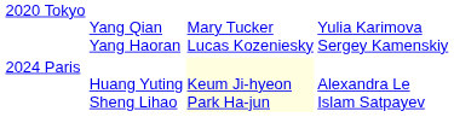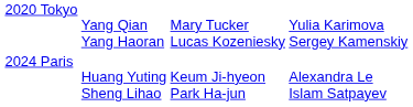 <table>
 <tr valign="top">
 <td><a href='#'>2020 Tokyo</a><br></td>
 <td><br><a href='#'>Yang Qian</a><br><a href='#'>Yang Haoran</a></td>
 <td><br><a href='#'>Mary Tucker</a><br><a href='#'>Lucas Kozeniesky</a></td>
 <td> <br><a href='#'>Yulia Karimova</a><br><a href='#'>Sergey Kamenskiy</a></td>
 </tr>
 <tr valign="top">
 <td><a href='#'>2024 Paris</a><br></td>
 <td> <br> <a href='#'>Huang Yuting</a> <br> <a href='#'>Sheng Lihao</a></td>
-<td style="background: lightyellow;"> <br> <a href='#'>Keum Ji-hyeon</a> <br> <a href='#'>Park Ha-jun</a></td>
+<td> <br> <a href='#'>Keum Ji-hyeon</a> <br> <a href='#'>Park Ha-jun</a></td>
 <td> <br> <a href='#'>Alexandra Le</a> <br> <a href='#'>Islam Satpayev</a></td>
 </tr>
 <tr>
 </tr>
 </table>
